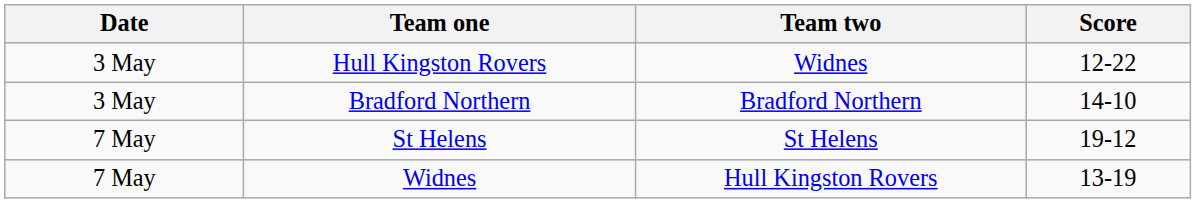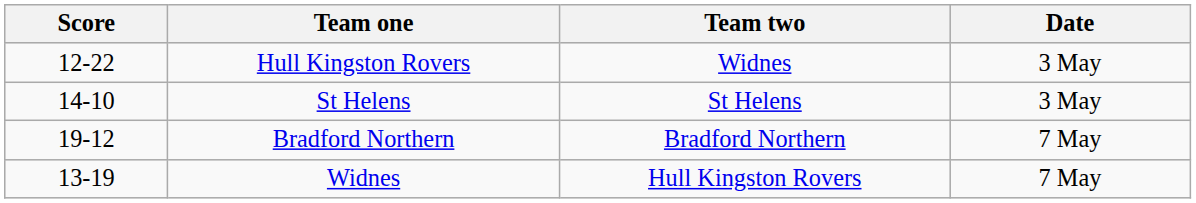 <table class="wikitable" style="text-align: center">
 <tr>
-<th width=150>Date</th>
+<th width=100>Score</th>
 <th width=250>Team one</th>
 <th width=250>Team two</th>
-<th width=100>Score</th>
+<th width=150>Date</th>
 </tr>
 <tr>
-<td>3 May</td>
+<td>12-22</td>
 <td><a href='#'>Hull Kingston Rovers</a></td>
 <td><a href='#'>Widnes</a></td>
-<td>12-22</td>
+<td>3 May</td>
 </tr>
 <tr>
+<td>14-10</td>
+<td><a href='#'>St Helens</a></td>
+<td><a href='#'>St Helens</a></td>
 <td>3 May</td>
+</tr>
+<tr>
+<td>19-12</td>
 <td><a href='#'>Bradford Northern</a></td>
 <td><a href='#'>Bradford Northern</a></td>
-<td>14-10</td>
+<td>7 May</td>
 </tr>
 <tr>
-<td>7 May</td>
-<td><a href='#'>St Helens</a></td>
-<td><a href='#'>St Helens</a></td>
-<td>19-12</td>
-</tr>
-<tr>
-<td>7 May</td>
+<td>13-19</td>
 <td><a href='#'>Widnes</a></td>
 <td><a href='#'>Hull Kingston Rovers</a></td>
-<td>13-19</td>
+<td>7 May</td>
 </tr>
 </table>
